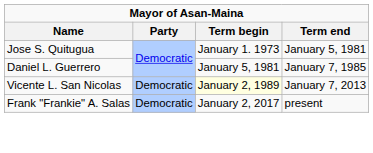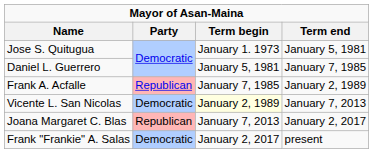 <table class="wikitable">
 <tr>
 <td colspan="4" align=center><strong>Mayor of Asan-Maina</strong></td>
 </tr>
 <tr>
 <th>Name</th>
 <th>Party</th>
 <th>Term begin</th>
 <th>Term end</th>
 </tr>
 <tr>
 <td>Jose S. Quitugua</td>
 <td style="background-color: #B0CEFF"; rowspan="2"><a href='#'>Democratic</a></td>
 <td>January 1. 1973</td>
 <td>January 5, 1981</td>
 </tr>
 <tr>
 <td>Daniel L. Guerrero</td>
 <td>January 5, 1981</td>
 <td>January 7, 1985</td>
 </tr>
 <tr>
+<td>Frank A. Acfalle</td>
+<td style="background-color: #FFB6B6";><a href='#'>Republican</a></td>
+<td>January 7, 1985</td>
+<td>January 2, 1989</td>
+</tr>
+<tr>
 <td>Vicente L. San Nicolas</td>
 <td style="background-color: #B0CEFF;">Democratic</td>
 <td style="background: lightyellow;">January 2, 1989</td>
 <td>January 7, 2013</td>
+</tr>
+<tr>
+<td>Joana Margaret C. Blas</td>
+<td style="background-color: #FFB6B6;">Republican</td>
+<td>January 7, 2013</td>
+<td>January 2, 2017</td>
 </tr>
 <tr>
 <td>Frank "Frankie" A. Salas</td>
 <td style="background-color: #B0CEFF;">Democratic</td>
 <td>January 2, 2017</td>
 <td>present</td>
 </tr>
 </table>
